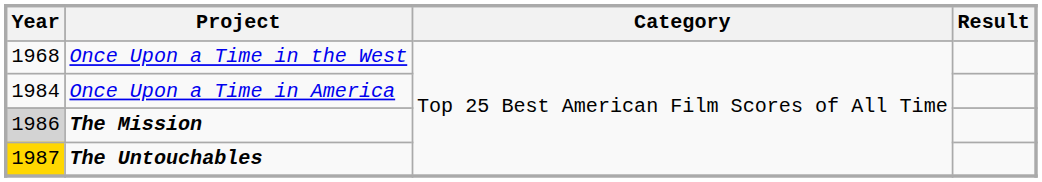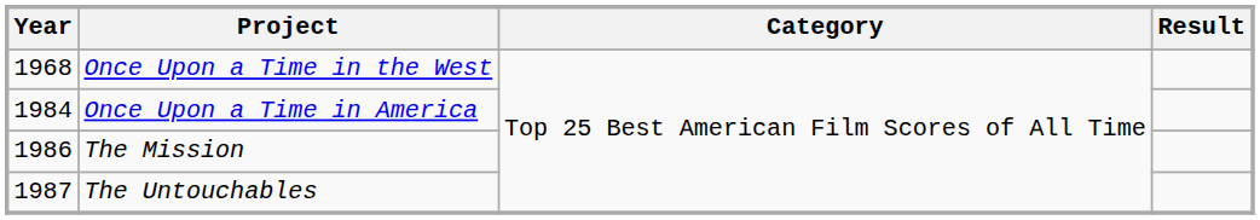 <table class="wikitable" style="border:2px #aaa solid; font-size:90%;">
 <tr style="background:#ccc; text-align:center;">
 <th>Year</th>
 <th>Project</th>
 <th>Category</th>
 <th>Result</th>
 </tr>
 <tr>
 <td>1968</td>
 <td><em><a href='#'>Once Upon a Time in the West</a></em></td>
 <td rowspan=4>Top 25 Best American Film Scores of All Time</td>
 <td></td>
 </tr>
 <tr>
 <td>1984</td>
 <td><em><a href='#'>Once Upon a Time in America</a></em></td>
 <td></td>
 </tr>
 <tr>
-<td style="background: lightgrey;">1986</td>
-<td><strong><em>The Mission</em></strong></td>
+<td>1986</td>
+<td><em>The Mission</em></td>
 <td></td>
 </tr>
 <tr>
-<td style="background: gold;">1987</td>
-<td><strong><em>The Untouchables</em></strong></td>
+<td>1987</td>
+<td><em>The Untouchables</em></td>
 <td></td>
 </tr>
 </table>
